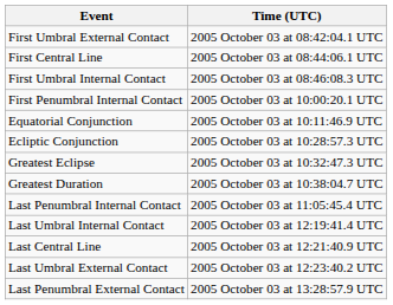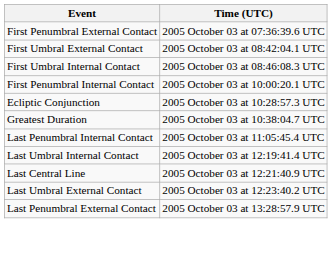 <table class="wikitable">
 <tr>
 <th>Event</th>
 <th>Time (UTC)</th>
 </tr>
 <tr>
+<td>First Penumbral External Contact</td>
+<td>2005 October 03 at 07:36:39.6 UTC</td>
+</tr>
+<tr>
 <td>First Umbral External Contact</td>
 <td>2005 October 03 at 08:42:04.1 UTC</td>
-</tr>
-<tr>
-<td>First Central Line</td>
-<td>2005 October 03 at 08:44:06.1 UTC</td>
 </tr>
 <tr>
 <td>First Umbral Internal Contact</td>
 <td>2005 October 03 at 08:46:08.3 UTC</td>
 </tr>
 <tr>
 <td>First Penumbral Internal Contact</td>
 <td>2005 October 03 at 10:00:20.1 UTC</td>
 </tr>
 <tr>
-<td>Equatorial Conjunction</td>
-<td>2005 October 03 at 10:11:46.9 UTC</td>
-</tr>
-<tr>
 <td>Ecliptic Conjunction</td>
 <td>2005 October 03 at 10:28:57.3 UTC</td>
-</tr>
-<tr>
-<td>Greatest Eclipse</td>
-<td>2005 October 03 at 10:32:47.3 UTC</td>
 </tr>
 <tr>
 <td>Greatest Duration</td>
 <td>2005 October 03 at 10:38:04.7 UTC</td>
 </tr>
 <tr>
 <td>Last Penumbral Internal Contact</td>
 <td>2005 October 03 at 11:05:45.4 UTC</td>
 </tr>
 <tr>
 <td>Last Umbral Internal Contact</td>
 <td>2005 October 03 at 12:19:41.4 UTC</td>
 </tr>
 <tr>
 <td>Last Central Line</td>
 <td>2005 October 03 at 12:21:40.9 UTC</td>
 </tr>
 <tr>
 <td>Last Umbral External Contact</td>
 <td>2005 October 03 at 12:23:40.2 UTC</td>
 </tr>
 <tr>
 <td>Last Penumbral External Contact</td>
 <td>2005 October 03 at 13:28:57.9 UTC</td>
 </tr>
 </table>
